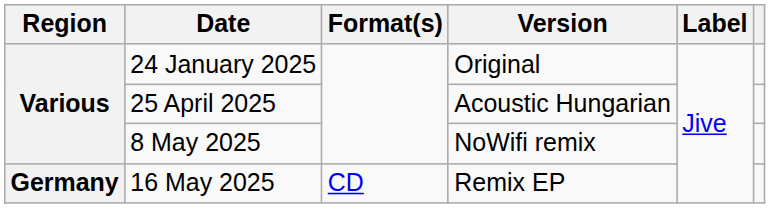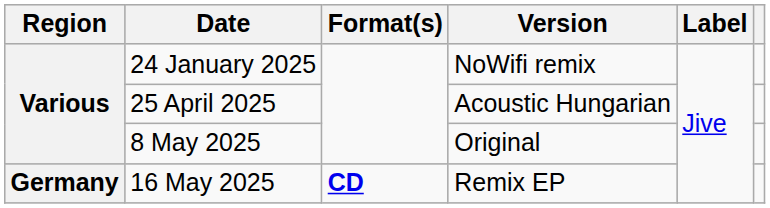 <table class="wikitable plainrowheaders">
 <tr>
 <th scope="col">Region</th>
 <th scope="col">Date</th>
 <th scope="col">Format(s)</th>
 <th scope="col">Version</th>
 <th scope="col">Label</th>
 <th scope="col"></th>
 </tr>
 <tr>
 <th scope="row" rowspan="3">Various</th>
 <td>24 January 2025</td>
 <td rowspan="3"></td>
-<td>Original</td>
+<td>NoWifi remix</td>
 <td rowspan="4"><a href='#'>Jive</a></td>
 <td></td>
 </tr>
 <tr>
 <td>25 April 2025</td>
 <td>Acoustic Hungarian</td>
 <td></td>
 </tr>
 <tr>
 <td>8 May 2025</td>
-<td>NoWifi remix</td>
+<td>Original</td>
 <td></td>
 </tr>
 <tr>
 <th scope="row">Germany</th>
 <td>16 May 2025</td>
-<td><a href='#'>CD</a></td>
+<td><strong><a href='#'>CD</a></strong></td>
 <td>Remix EP</td>
 <td></td>
 </tr>
 </table>
